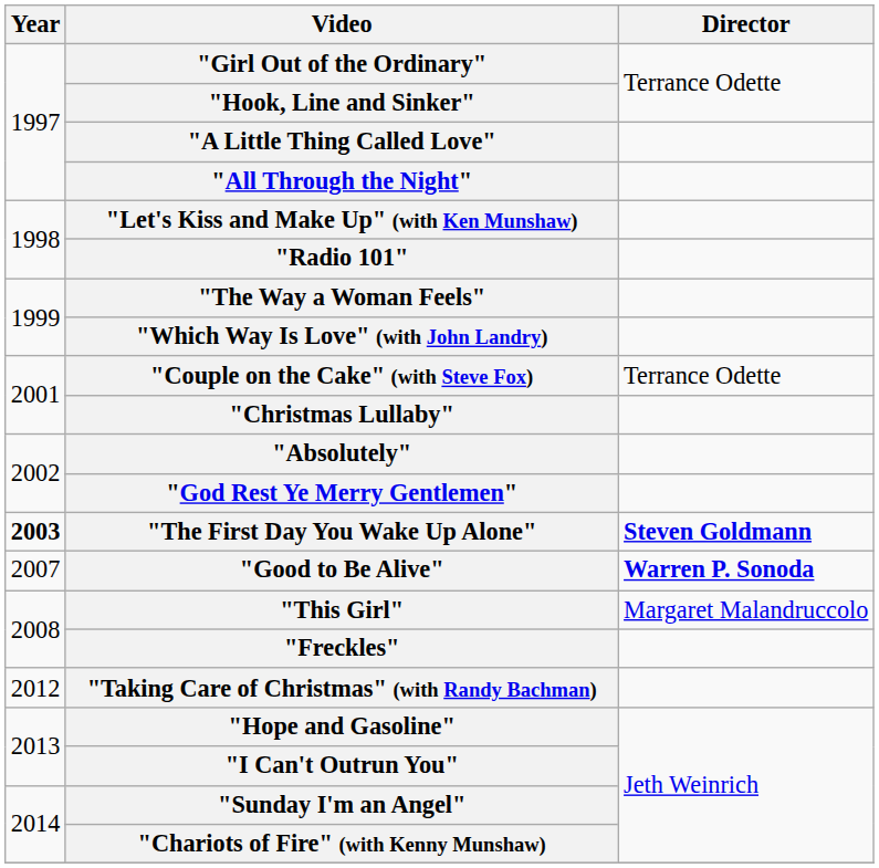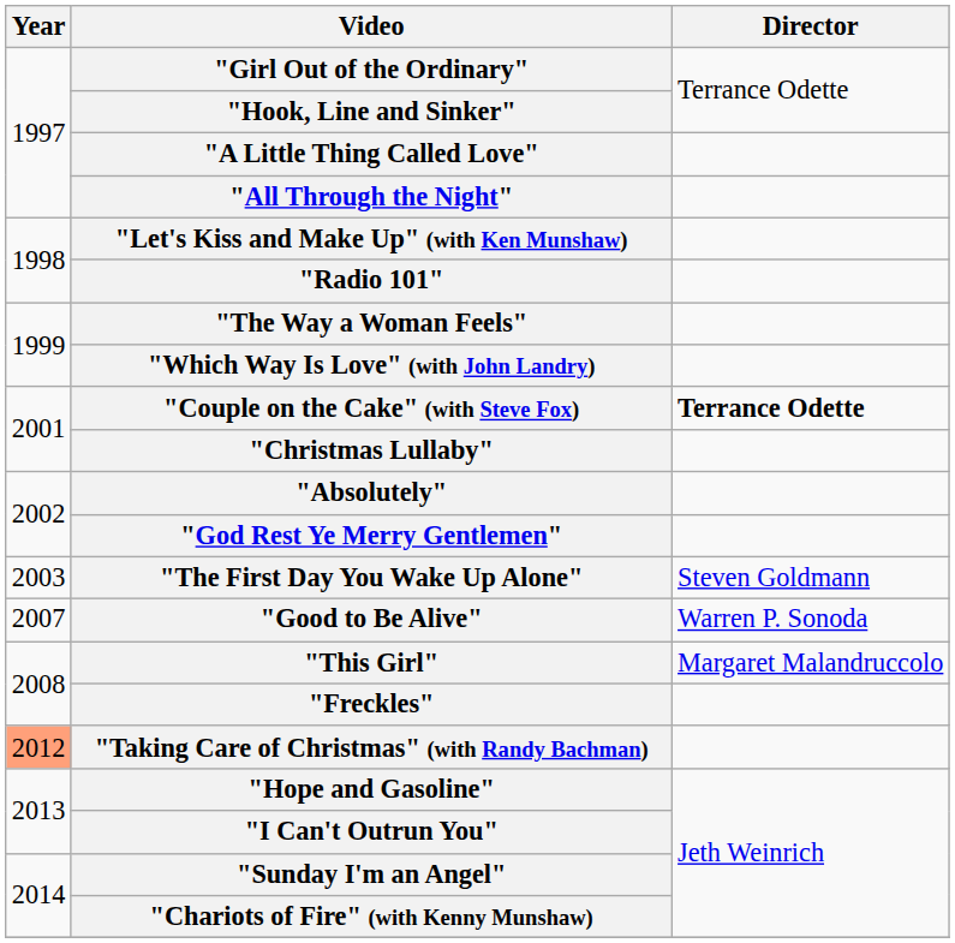 <table class="wikitable plainrowheaders">
 <tr>
 <th>Year</th>
 <th style="width:22em;">Video</th>
 <th>Director</th>
 </tr>
 <tr>
 <td rowspan="4">1997</td>
 <th scope="row">"Girl Out of the Ordinary"</th>
 <td rowspan="2">Terrance Odette</td>
 </tr>
 <tr>
 <th scope="row">"Hook, Line and Sinker"</th>
 </tr>
 <tr>
 <th scope="row">"A Little Thing Called Love"</th>
 <td></td>
 </tr>
 <tr>
 <th scope="row">"<a href='#'>All Through the Night</a>"</th>
 <td></td>
 </tr>
 <tr>
 <td rowspan="2">1998</td>
 <th scope="row">"Let's Kiss and Make Up" <small>(with <a href='#'>Ken Munshaw</a>)</small></th>
 <td></td>
 </tr>
 <tr>
 <th scope="row">"Radio 101"</th>
 <td></td>
 </tr>
 <tr>
 <td rowspan="2">1999</td>
 <th scope="row">"The Way a Woman Feels"</th>
 <td></td>
 </tr>
 <tr>
 <th scope="row">"Which Way Is Love" <small>(with <a href='#'>John Landry</a>)</small></th>
 <td></td>
 </tr>
 <tr>
 <td rowspan="2">2001</td>
 <th scope="row">"Couple on the Cake" <small>(with <a href='#'>Steve Fox</a>)</small></th>
-<td>Terrance Odette</td>
+<td><strong>Terrance Odette</strong></td>
 </tr>
 <tr>
 <th scope="row">"Christmas Lullaby"</th>
 <td></td>
 </tr>
 <tr>
 <td rowspan="2">2002</td>
 <th scope="row">"Absolutely"</th>
 <td></td>
 </tr>
 <tr>
 <th scope="row">"<a href='#'>God Rest Ye Merry Gentlemen</a>"</th>
 <td></td>
 </tr>
 <tr>
-<td><strong>2003</strong></td>
+<td>2003</td>
 <th scope="row">"The First Day You Wake Up Alone"</th>
-<td><strong><a href='#'>Steven Goldmann</a></strong></td>
+<td><a href='#'>Steven Goldmann</a></td>
 </tr>
 <tr>
 <td>2007</td>
 <th scope="row">"Good to Be Alive"</th>
-<td><strong><a href='#'>Warren P. Sonoda</a></strong></td>
+<td><a href='#'>Warren P. Sonoda</a></td>
 </tr>
 <tr>
 <td rowspan="2">2008</td>
 <th scope="row">"This Girl"</th>
 <td><a href='#'>Margaret Malandruccolo</a></td>
 </tr>
 <tr>
 <th scope="row">"Freckles"</th>
 <td></td>
 </tr>
 <tr>
-<td>2012</td>
+<td style="background: lightsalmon;">2012</td>
 <th scope="row">"Taking Care of Christmas" <small>(with <a href='#'>Randy Bachman</a>)</small></th>
 <td></td>
 </tr>
 <tr>
 <td rowspan="2">2013</td>
 <th scope="row">"Hope and Gasoline"</th>
 <td rowspan="4"><a href='#'>Jeth Weinrich</a></td>
 </tr>
 <tr>
 <th scope="row">"I Can't Outrun You"</th>
 </tr>
 <tr>
 <td rowspan="2">2014</td>
 <th scope="row">"Sunday I'm an Angel"</th>
 </tr>
 <tr>
 <th scope="row">"Chariots of Fire" <small>(with Kenny Munshaw)</small></th>
 </tr>
 <tr>
 </tr>
 </table>
